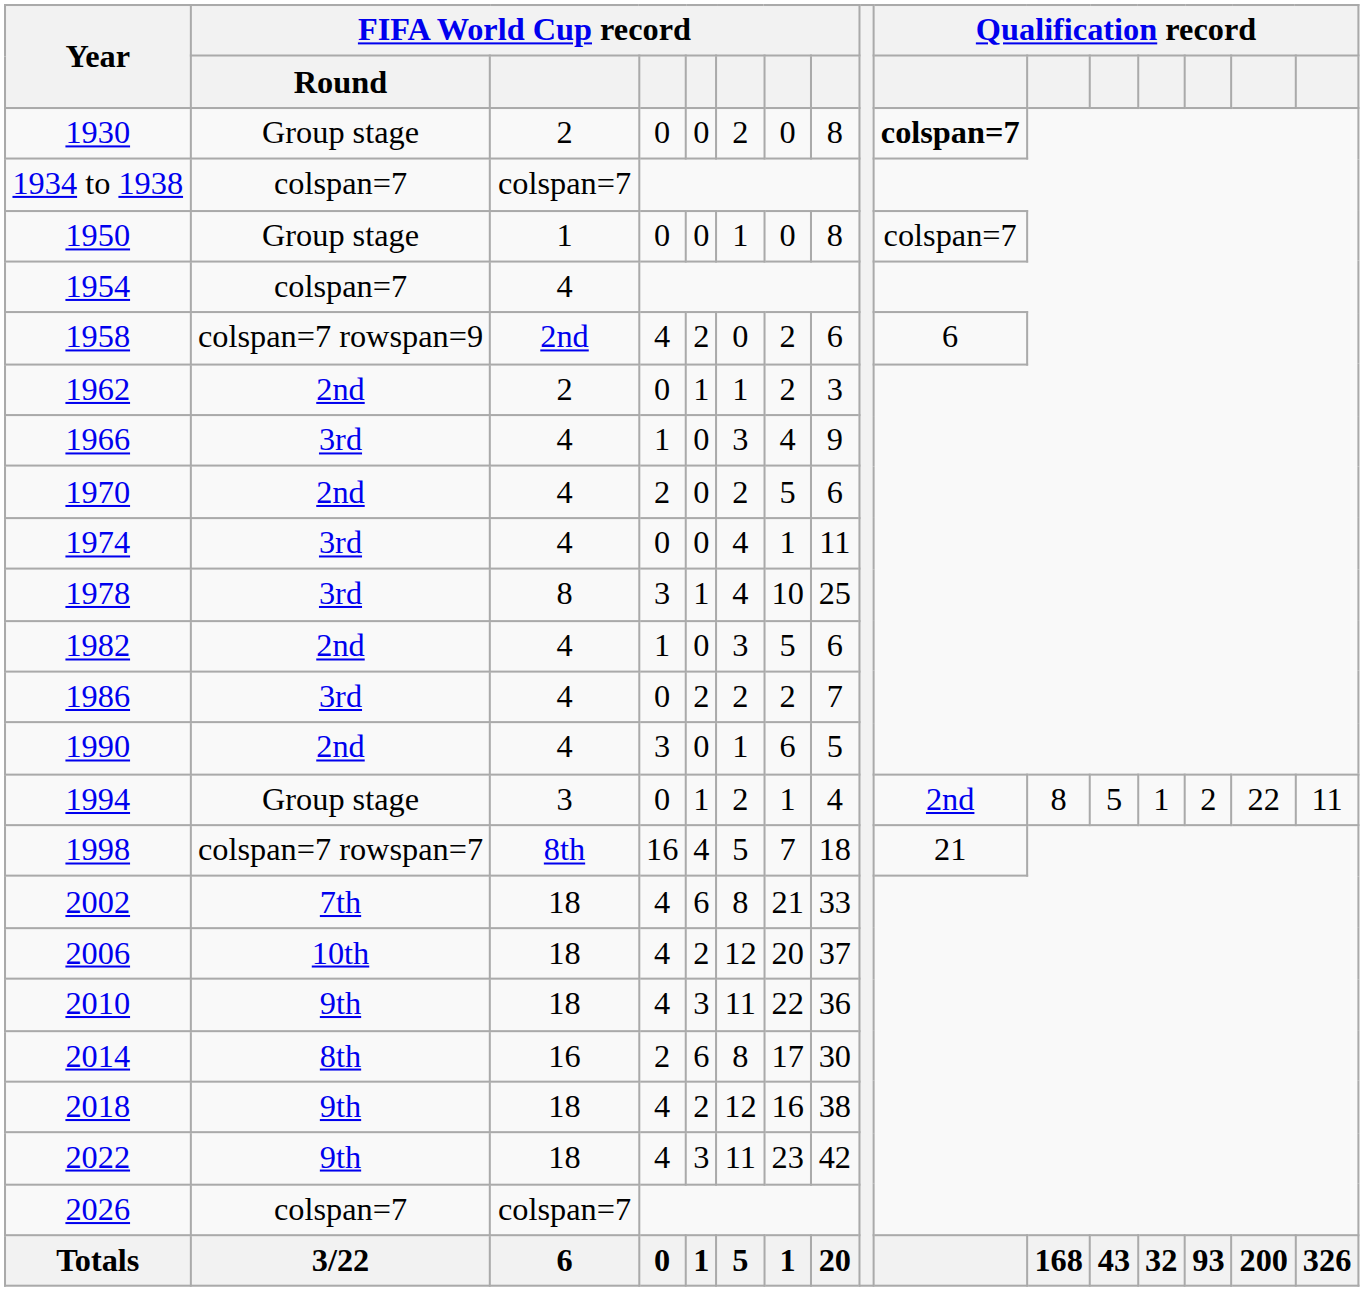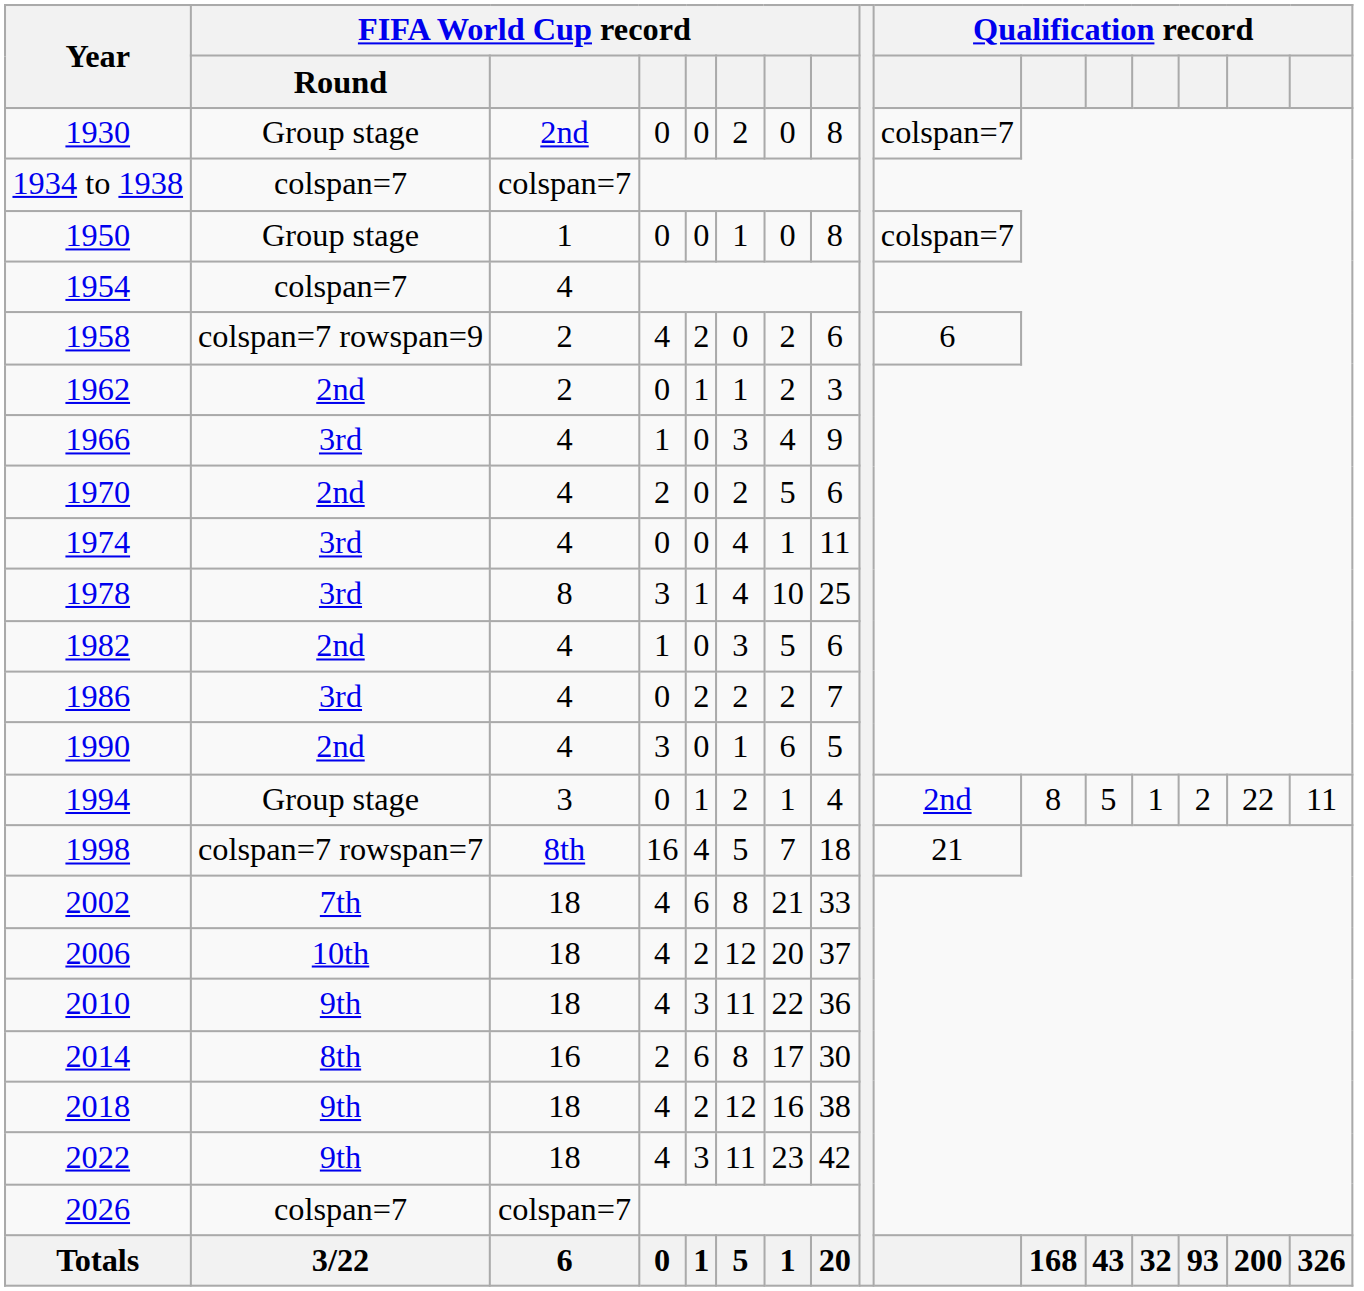 <table class="wikitable" style="text-align: center;font-size:100%;">
 <tr>
 <th rowspan="2">Year</th>
 <th colspan="7"><a href='#'>FIFA World Cup</a> record</th>
 <th rowspan="26"></th>
 <th colspan="7"><a href='#'>Qualification</a> record</th>
 </tr>
 <tr>
 <th>Round</th>
 <th></th>
 <th></th>
 <th></th>
 <th></th>
 <th></th>
 <th></th>
 <th></th>
 <th></th>
 <th></th>
 <th></th>
 <th></th>
 <th></th>
 <th></th>
 </tr>
 <tr>
 <td><a href='#'>1930</a></td>
 <td>Group stage</td>
-<td>2</td>
+<td><a href='#'>2nd</a></td>
 <td>0</td>
 <td>0</td>
 <td>2</td>
 <td>0</td>
 <td>8</td>
-<td><strong>colspan=7</strong></td>
+<td>colspan=7</td>
 </tr>
 <tr>
 <td><a href='#'>1934</a> to <a href='#'>1938</a></td>
 <td>colspan=7</td>
 <td>colspan=7</td>
 </tr>
 <tr>
 <td><a href='#'>1950</a></td>
 <td>Group stage</td>
 <td>1</td>
 <td>0</td>
 <td>0</td>
 <td>1</td>
 <td>0</td>
 <td>8</td>
 <td>colspan=7</td>
 </tr>
 <tr>
 <td><a href='#'>1954</a></td>
 <td>colspan=7</td>
 <td>4</td>
 </tr>
 <tr>
 <td><a href='#'>1958</a></td>
 <td>colspan=7 rowspan=9</td>
-<td><a href='#'>2nd</a></td>
+<td>2</td>
 <td>4</td>
 <td>2</td>
 <td>0</td>
 <td>2</td>
 <td>6</td>
 <td>6</td>
 </tr>
 <tr>
 <td><a href='#'>1962</a></td>
 <td><a href='#'>2nd</a></td>
 <td>2</td>
 <td>0</td>
 <td>1</td>
 <td>1</td>
 <td>2</td>
 <td>3</td>
 </tr>
 <tr>
 <td><a href='#'>1966</a></td>
 <td><a href='#'>3rd</a></td>
 <td>4</td>
 <td>1</td>
 <td>0</td>
 <td>3</td>
 <td>4</td>
 <td>9</td>
 </tr>
 <tr>
 <td><a href='#'>1970</a></td>
 <td><a href='#'>2nd</a></td>
 <td>4</td>
 <td>2</td>
 <td>0</td>
 <td>2</td>
 <td>5</td>
 <td>6</td>
 </tr>
 <tr>
 <td><a href='#'>1974</a></td>
 <td><a href='#'>3rd</a></td>
 <td>4</td>
 <td>0</td>
 <td>0</td>
 <td>4</td>
 <td>1</td>
 <td>11</td>
 </tr>
 <tr>
 <td><a href='#'>1978</a></td>
 <td><a href='#'>3rd</a></td>
 <td>8</td>
 <td>3</td>
 <td>1</td>
 <td>4</td>
 <td>10</td>
 <td>25</td>
 </tr>
 <tr>
 <td><a href='#'>1982</a></td>
 <td><a href='#'>2nd</a></td>
 <td>4</td>
 <td>1</td>
 <td>0</td>
 <td>3</td>
 <td>5</td>
 <td>6</td>
 </tr>
 <tr>
 <td><a href='#'>1986</a></td>
 <td><a href='#'>3rd</a></td>
 <td>4</td>
 <td>0</td>
 <td>2</td>
 <td>2</td>
 <td>2</td>
 <td>7</td>
 </tr>
 <tr>
 <td><a href='#'>1990</a></td>
 <td><a href='#'>2nd</a></td>
 <td>4</td>
 <td>3</td>
 <td>0</td>
 <td>1</td>
 <td>6</td>
 <td>5</td>
 </tr>
 <tr>
 <td><a href='#'>1994</a></td>
 <td>Group stage</td>
 <td>3</td>
 <td>0</td>
 <td>1</td>
 <td>2</td>
 <td>1</td>
 <td>4</td>
 <td><a href='#'>2nd</a></td>
 <td>8</td>
 <td>5</td>
 <td>1</td>
 <td>2</td>
 <td>22</td>
 <td>11</td>
 </tr>
 <tr>
 <td><a href='#'>1998</a></td>
 <td>colspan=7 rowspan=7</td>
 <td><a href='#'>8th</a></td>
 <td>16</td>
 <td>4</td>
 <td>5</td>
 <td>7</td>
 <td>18</td>
 <td>21</td>
 </tr>
 <tr>
 <td><a href='#'>2002</a></td>
 <td><a href='#'>7th</a></td>
 <td>18</td>
 <td>4</td>
 <td>6</td>
 <td>8</td>
 <td>21</td>
 <td>33</td>
 </tr>
 <tr>
 <td><a href='#'>2006</a></td>
 <td><a href='#'>10th</a></td>
 <td>18</td>
 <td>4</td>
 <td>2</td>
 <td>12</td>
 <td>20</td>
 <td>37</td>
 </tr>
 <tr>
 <td><a href='#'>2010</a></td>
 <td><a href='#'>9th</a></td>
 <td>18</td>
 <td>4</td>
 <td>3</td>
 <td>11</td>
 <td>22</td>
 <td>36</td>
 </tr>
 <tr>
 <td><a href='#'>2014</a></td>
 <td><a href='#'>8th</a></td>
 <td>16</td>
 <td>2</td>
 <td>6</td>
 <td>8</td>
 <td>17</td>
 <td>30</td>
 </tr>
 <tr>
 <td><a href='#'>2018</a></td>
 <td><a href='#'>9th</a></td>
 <td>18</td>
 <td>4</td>
 <td>2</td>
 <td>12</td>
 <td>16</td>
 <td>38</td>
 </tr>
 <tr>
 <td><a href='#'>2022</a></td>
 <td><a href='#'>9th</a></td>
 <td>18</td>
 <td>4</td>
 <td>3</td>
 <td>11</td>
 <td>23</td>
 <td>42</td>
 </tr>
 <tr>
 <td><a href='#'>2026</a></td>
 <td>colspan=7 </td>
 <td>colspan=7 </td>
 </tr>
 <tr>
 <th>Totals</th>
 <th>3/22</th>
 <th>6</th>
 <th>0</th>
 <th>1</th>
 <th>5</th>
 <th>1</th>
 <th>20</th>
 <th></th>
 <th>168</th>
 <th>43</th>
 <th>32</th>
 <th>93</th>
 <th>200</th>
 <th>326</th>
 </tr>
 </table>
